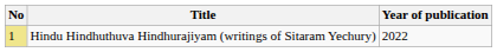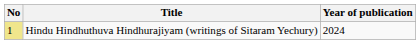 <table class="wikitable">
 <tr>
 <th>No</th>
 <th>Title</th>
 <th>Year of publication</th>
 </tr>
 <tr>
 <td style="background: khaki;">1</td>
 <td>Hindu Hindhuthuva Hindhurajiyam (writings of Sitaram Yechury)</td>
-<td>2022</td>
+<td>2024</td>
 </tr>
 </table>
